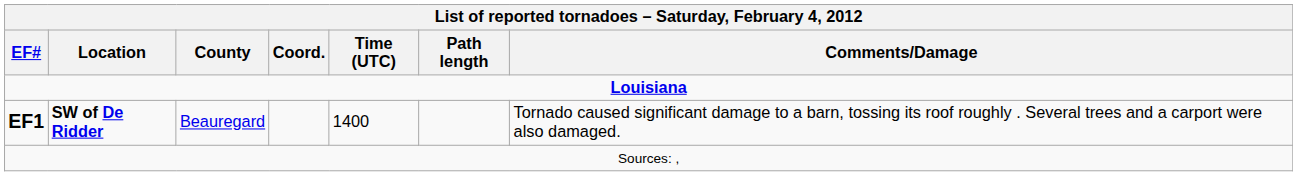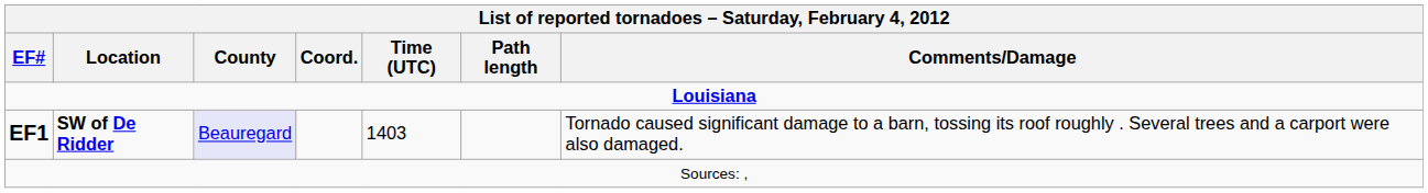 <table class="wikitable collapsible" style="width:100%;">
 <tr>
 <th colspan="7">List of reported tornadoes – Saturday, February 4, 2012</th>
 </tr>
 <tr>
 <th><a href='#'>EF#</a></th>
 <th>Location</th>
 <th>County</th>
 <th>Coord.</th>
 <th>Time (UTC)</th>
 <th>Path length</th>
 <th>Comments/Damage</th>
 </tr>
 <tr>
 <td colspan="7" style="text-align:center;"><strong><a href='#'>Louisiana</a></strong></td>
 </tr>
 <tr>
 <td><big><strong>EF1</strong></big></td>
 <td><strong> SW of <a href='#'>De Ridder</a></strong></td>
-<td><a href='#'>Beauregard</a></td>
+<td style="background: lavender;"><a href='#'>Beauregard</a></td>
 <td></td>
-<td>1400</td>
+<td>1403</td>
 <td></td>
 <td>Tornado caused significant damage to a barn, tossing its roof roughly . Several trees and a carport were also damaged.</td>
 </tr>
 <tr>
 <td colspan="7" style="text-align:center;"><small>Sources: , </small></td>
 </tr>
 </table>
